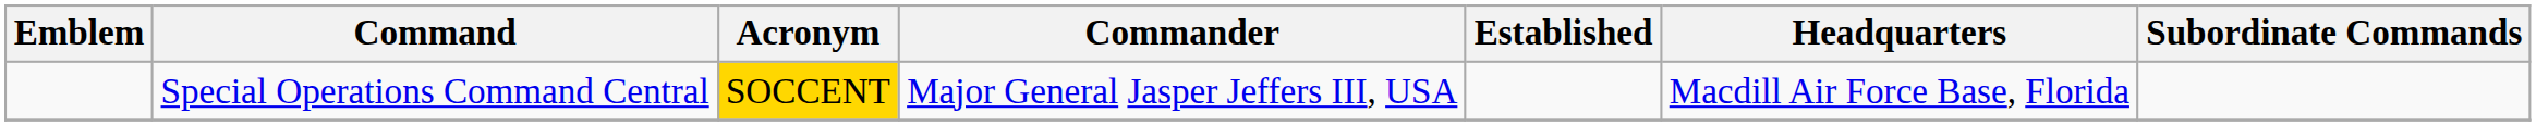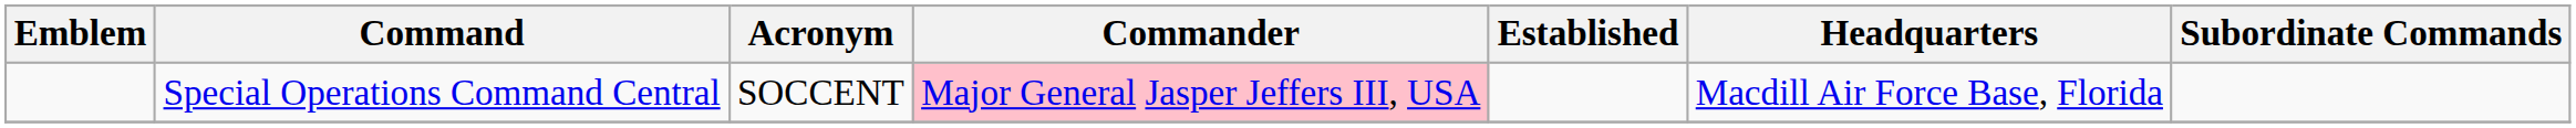 <table class="wikitable">
 <tr>
 <th>Emblem</th>
 <th>Command</th>
 <th>Acronym</th>
 <th>Commander</th>
 <th>Established</th>
 <th>Headquarters</th>
 <th>Subordinate Commands</th>
 </tr>
 <tr>
 <td></td>
 <td><a href='#'>Special Operations Command Central</a></td>
-<td style="background: gold;">SOCCENT</td>
-<td><a href='#'>Major General</a> <a href='#'>Jasper Jeffers III</a>, <a href='#'>USA</a></td>
+<td>SOCCENT</td>
+<td style="background: pink;"><a href='#'>Major General</a> <a href='#'>Jasper Jeffers III</a>, <a href='#'>USA</a></td>
 <td></td>
 <td><a href='#'>Macdill Air Force Base</a>, <a href='#'>Florida</a></td>
 <td></td>
 </tr>
 <tr>
 </tr>
 </table>
